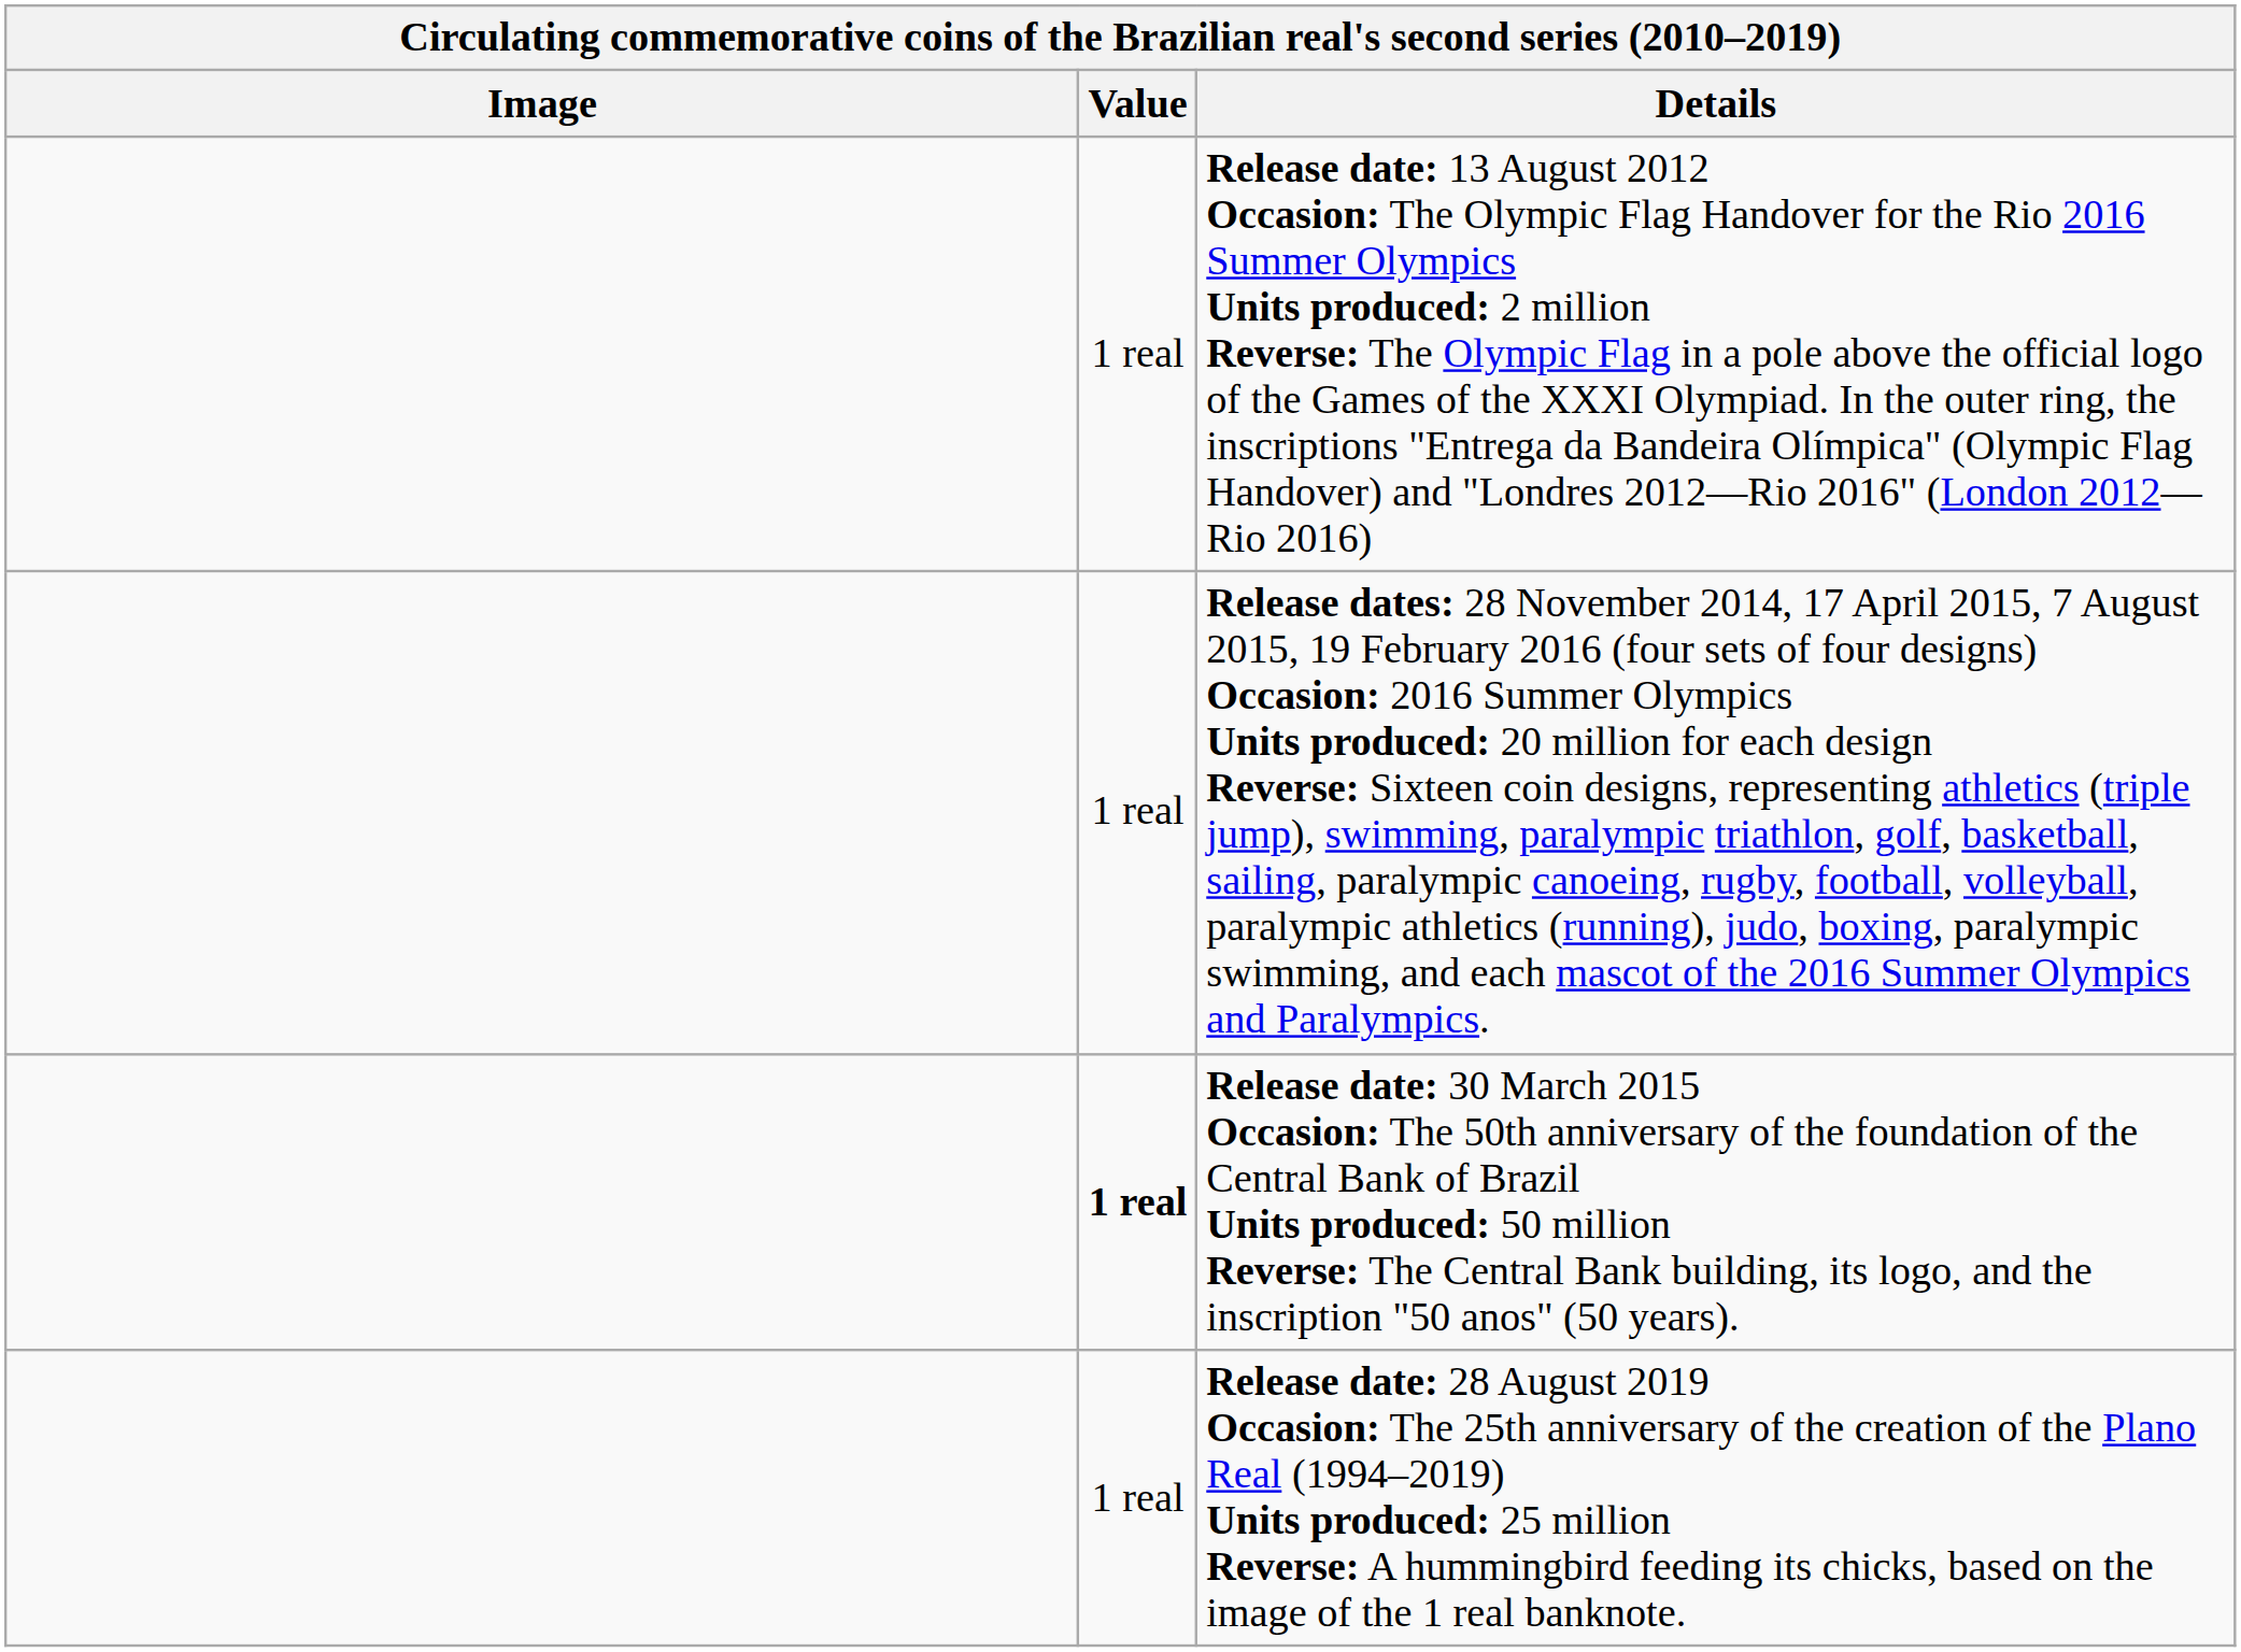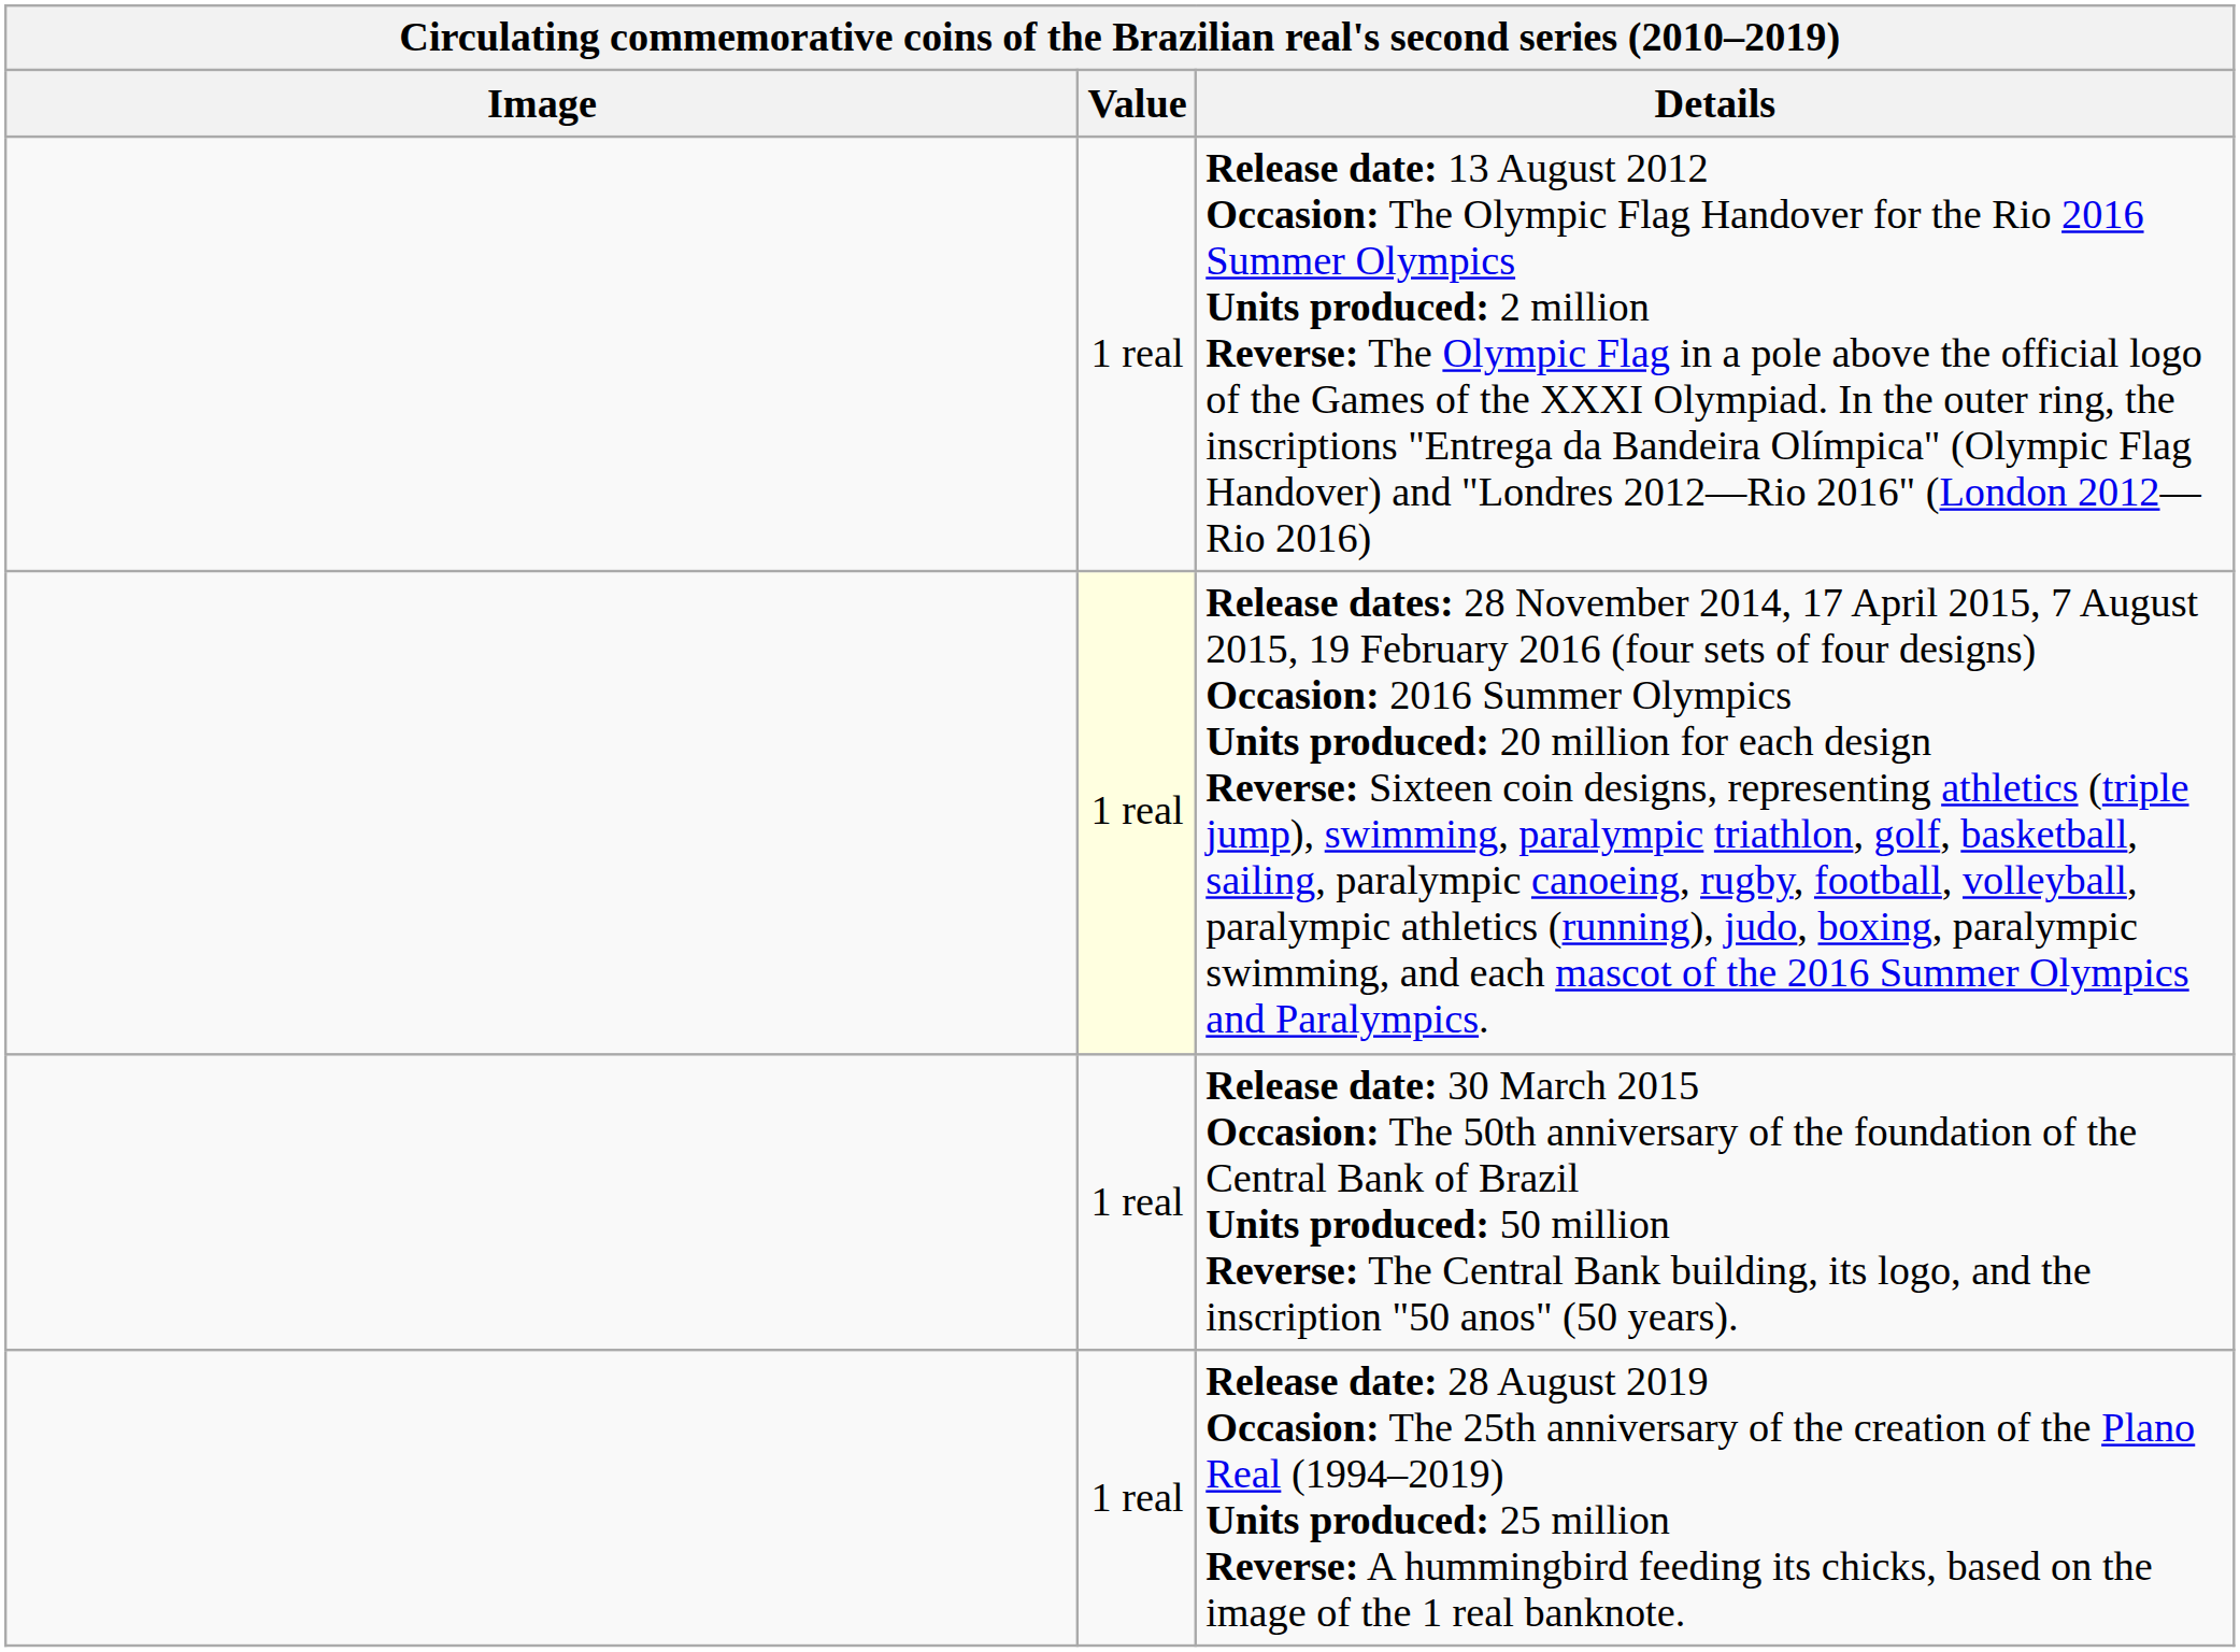 <table border="1" class="wikitable mw-collapsible mw-collapsed">
 <tr>
 <th colspan="3">Circulating commemorative coins of the Brazilian real's second series (2010–2019)</th>
 </tr>
 <tr ---->
 <th align="Center" width="410px">Image</th>
 <th align="Center">Value</th>
 <th align="Center">Details</th>
 </tr>
 <tr ---->
 <td></td>
 <td align="Center">1 real</td>
 <td><strong>Release date:</strong> 13 August 2012<br><strong>Occasion:</strong> The Olympic Flag Handover for the Rio <a href='#'>2016 Summer Olympics</a><br><strong>Units produced:</strong> 2 million<br><strong>Reverse:</strong> The <a href='#'>Olympic Flag</a> in a pole above the official logo of the Games of the XXXI Olympiad. In the outer ring, the inscriptions "Entrega da Bandeira Olímpica" (Olympic Flag Handover) and "Londres 2012—Rio 2016" (<a href='#'>London 2012</a>—Rio 2016)</td>
 </tr>
 <tr ---->
 <td>               </td>
-<td align="Center">1 real</td>
+<td align="Center" style="background: lightyellow;">1 real</td>
 <td><strong>Release dates:</strong> 28 November 2014, 17 April 2015, 7 August 2015, 19 February 2016 (four sets of four designs)<br><strong>Occasion:</strong> 2016 Summer Olympics<br><strong>Units produced:</strong> 20 million for each design<br><strong>Reverse:</strong> Sixteen coin designs, representing <a href='#'>athletics</a> (<a href='#'>triple jump</a>), <a href='#'>swimming</a>, <a href='#'>paralympic</a> <a href='#'>triathlon</a>, <a href='#'>golf</a>, <a href='#'>basketball</a>, <a href='#'>sailing</a>, paralympic <a href='#'>canoeing</a>, <a href='#'>rugby</a>, <a href='#'>football</a>, <a href='#'>volleyball</a>, paralympic athletics (<a href='#'>running</a>), <a href='#'>judo</a>, <a href='#'>boxing</a>, paralympic swimming, and each <a href='#'>mascot of the 2016 Summer Olympics and Paralympics</a>.</td>
 </tr>
 <tr ---->
 <td></td>
-<td align="Center"><strong>1 real</strong></td>
+<td align="Center">1 real</td>
 <td><strong>Release date:</strong> 30 March 2015<br><strong>Occasion:</strong> The 50th anniversary of the foundation of the Central Bank of Brazil<br><strong>Units produced:</strong> 50 million<br><strong>Reverse:</strong> The Central Bank building, its logo, and the inscription "50 anos" (50 years).</td>
 </tr>
 <tr ---->
 <td></td>
 <td align="Center">1 real</td>
 <td><strong>Release date:</strong> 28 August 2019<br><strong>Occasion:</strong> The 25th anniversary of the creation of the <a href='#'>Plano Real</a> (1994–2019)<br><strong>Units produced:</strong> 25 million<br><strong>Reverse:</strong> A hummingbird feeding its chicks, based on the image of the 1 real banknote.</td>
 </tr>
 </table>
